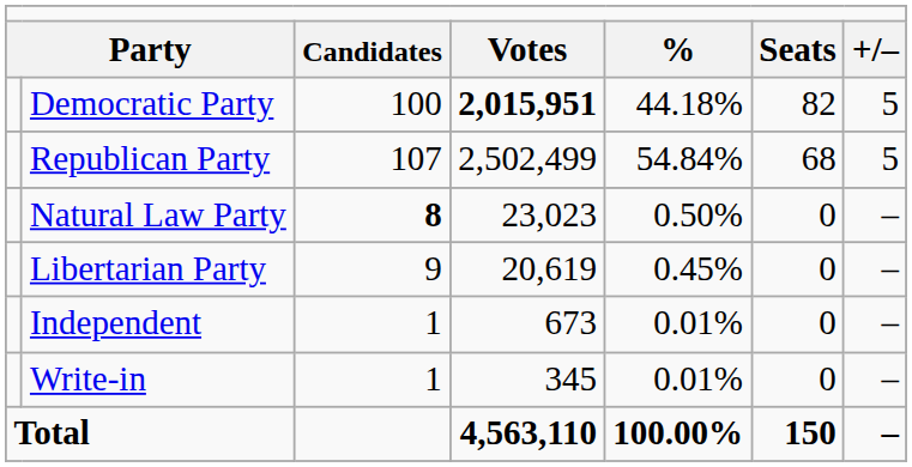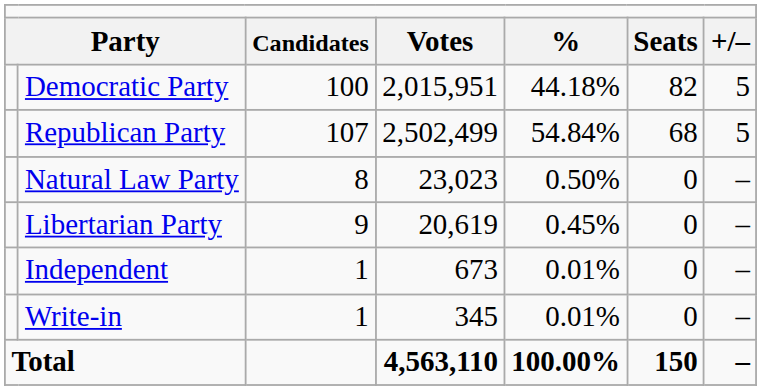 <table class="wikitable" style="font-size:100%; text-align:right;">
 <tr>
 <td colspan="15" align="center"></td>
 </tr>
 <tr>
 <th colspan="2">Party</th>
 <th><small>Candidates</small></th>
 <th>Votes</th>
 <th>%</th>
 <th>Seats</th>
 <th>+/–</th>
 </tr>
 <tr>
 <td style="background:"></td>
 <td align="left"><a href='#'>Democratic Party</a></td>
 <td>100</td>
-<td><strong>2,015,951</strong></td>
+<td>2,015,951</td>
 <td>44.18%</td>
 <td>82</td>
 <td>5</td>
 </tr>
 <tr>
 <td style="background:"></td>
 <td align="left"><a href='#'>Republican Party</a></td>
 <td>107</td>
 <td>2,502,499</td>
 <td>54.84%</td>
 <td>68</td>
 <td>5</td>
 </tr>
 <tr>
 <td style="background:"></td>
 <td align="left"><a href='#'>Natural Law Party</a></td>
-<td><strong>8</strong></td>
+<td>8</td>
 <td>23,023</td>
 <td>0.50%</td>
 <td>0</td>
 <td>–</td>
 </tr>
 <tr>
 <td style="background:"></td>
 <td align="left"><a href='#'>Libertarian Party</a></td>
 <td>9</td>
 <td>20,619</td>
 <td>0.45%</td>
 <td>0</td>
 <td>–</td>
 </tr>
 <tr>
 <td style="background:"></td>
 <td align="left"><a href='#'>Independent</a></td>
 <td>1</td>
 <td>673</td>
 <td>0.01%</td>
 <td>0</td>
 <td>–</td>
 </tr>
 <tr>
 <td style="background:"></td>
 <td align="left"><a href='#'>Write-in</a></td>
 <td>1</td>
 <td>345</td>
 <td>0.01%</td>
 <td>0</td>
 <td>–</td>
 </tr>
 <tr style="font-weight:bold">
 <td colspan="2" align="left">Total</td>
 <td></td>
 <td>4,563,110</td>
 <td>100.00%</td>
 <td>150</td>
 <td>–</td>
 </tr>
 </table>
